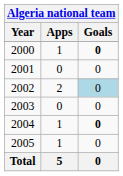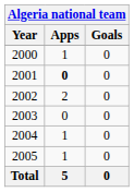 <table class="wikitable" style="text-align:center">
 <tr>
 <th colspan=3><a href='#'>Algeria national team</a></th>
 </tr>
 <tr>
 <th>Year</th>
 <th>Apps</th>
 <th>Goals</th>
 </tr>
 <tr>
 </tr>
 <tr>
 <td>2000</td>
 <td>1</td>
-<td><strong>0</strong></td>
+<td>0</td>
 </tr>
 <tr>
 <td>2001</td>
-<td>0</td>
+<td><strong>0</strong></td>
 <td>0</td>
 </tr>
 <tr>
 <td>2002</td>
 <td>2</td>
-<td style="background: lightblue;">0</td>
+<td>0</td>
 </tr>
 <tr>
 <td>2003</td>
 <td>0</td>
 <td>0</td>
 </tr>
 <tr>
 <td>2004</td>
 <td>1</td>
-<td><strong>0</strong></td>
+<td>0</td>
 </tr>
 <tr>
 <td>2005</td>
 <td>1</td>
 <td>0</td>
 </tr>
 <tr>
 <th>Total</th>
 <th>5</th>
 <th>0</th>
 </tr>
 </table>
